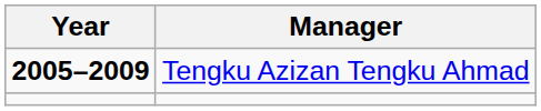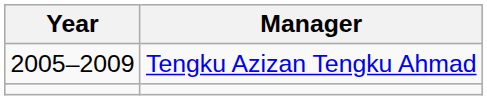 <table class="wikitable">
 <tr>
 <th>Year</th>
 <th>Manager</th>
 </tr>
 <tr>
-<td><strong>2005–2009</strong></td>
+<td>2005–2009</td>
 <td> <a href='#'>Tengku Azizan Tengku Ahmad</a></td>
 </tr>
 <tr>
 <td></td>
 <td></td>
 </tr>
 </table>
